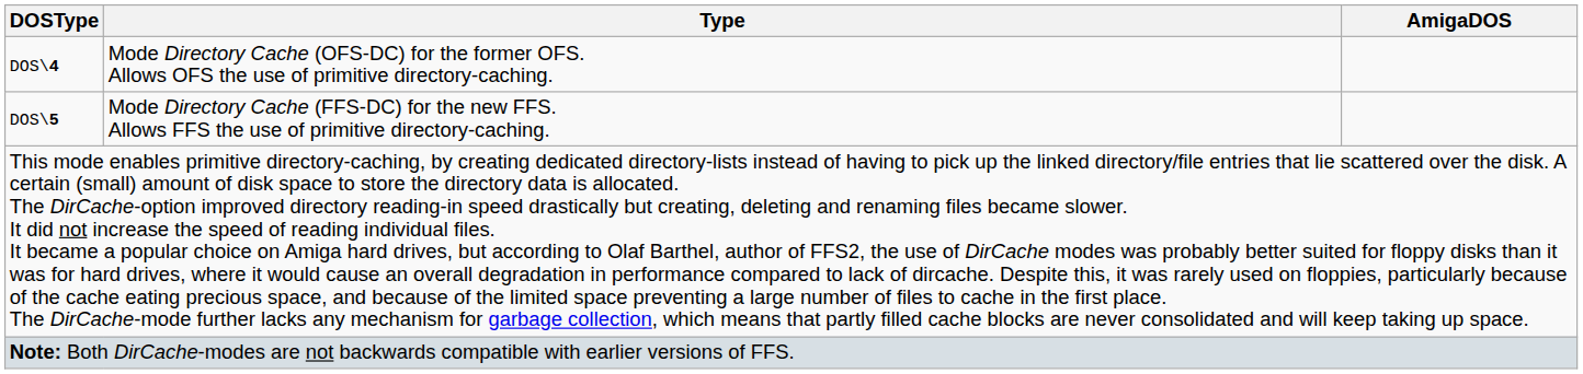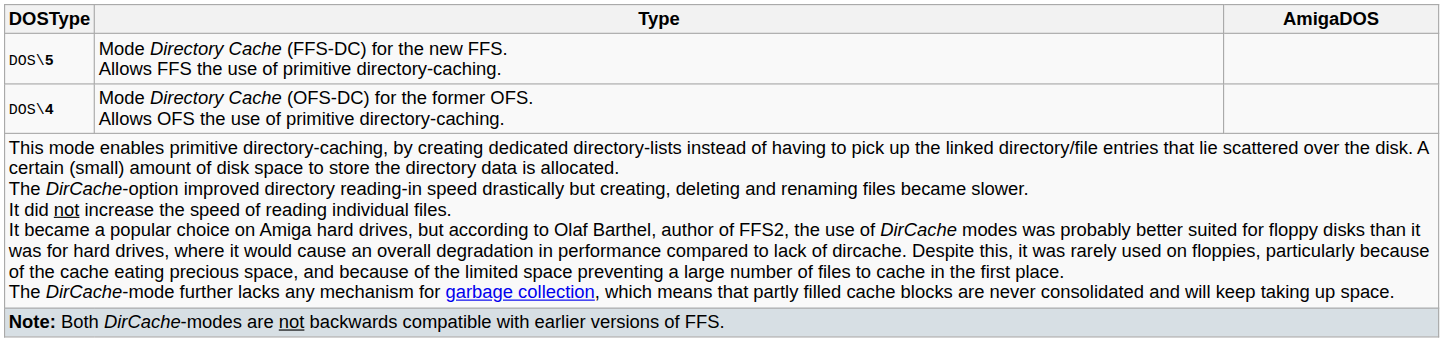 <table class="wikitable">
 <tr>
 <th style="width: 5%">DOSType</th>
 <th>Type</th>
 <th style="width: 15%">AmigaDOS</th>
 </tr>
 <tr>
-<td><code>DOS\<strong>4</strong></code></td>
-<td>Mode <em>Directory Cache</em> (OFS-DC) for the former OFS.<br>Allows OFS the use of primitive directory-caching.</td>
+<td><code>DOS\<strong>5</strong></code></td>
+<td>Mode <em>Directory Cache</em> (FFS-DC) for the new FFS.<br>Allows FFS the use of primitive directory-caching.</td>
 <td></td>
 </tr>
 <tr>
-<td><code>DOS\<strong>5</strong></code></td>
-<td>Mode <em>Directory Cache</em> (FFS-DC) for the new FFS.<br>Allows FFS the use of primitive directory-caching.</td>
+<td><code>DOS\<strong>4</strong></code></td>
+<td>Mode <em>Directory Cache</em> (OFS-DC) for the former OFS.<br>Allows OFS the use of primitive directory-caching.</td>
 <td></td>
 </tr>
 <tr>
 <td colspan="3">This mode enables primitive directory-caching, by creating dedicated directory-lists instead of having to pick up the linked directory/file entries that lie scattered over the disk. A certain (small) amount of disk space to store the directory data is allocated.<br>The <em>DirCache</em>-option improved directory reading-in speed drastically but creating, deleting and renaming files became slower.<br> It did <u>not</u> increase the speed of reading individual files.<br>It became a popular choice on Amiga hard drives, but according to Olaf Barthel, author of FFS2, the use of <em>DirCache</em> modes was probably better suited for floppy disks than it was for hard drives, where it would cause an overall degradation in performance compared to lack of dircache. Despite this, it was rarely used on floppies, particularly because of the cache eating precious space, and because of the limited space preventing a large number of files to cache in the first place.<br>The <em>DirCache</em>-mode further lacks any mechanism for <a href='#'>garbage collection</a>, which means that partly filled cache blocks are never consolidated and will keep taking up space.</td>
 </tr>
 <tr>
 <td colspan="3" style="background-color:#d7dfe4"><strong>Note:</strong> Both <em>DirCache</em>-modes are <u>not</u> backwards compatible with earlier versions of FFS.</td>
 </tr>
 </table>
